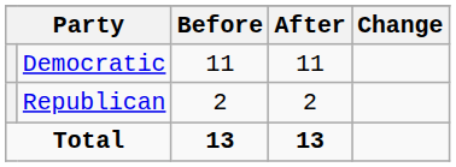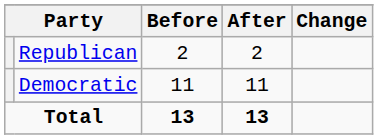 <table class="wikitable" style="text-align:center;">
 <tr>
 </tr>
 <tr>
 <th colspan=2>Party</th>
 <th>Before</th>
 <th>After</th>
 <th>Change</th>
 </tr>
 <tr>
 <th style="background-color:"></th>
-<td style="text-align:left;"><a href='#'>Democratic</a></td>
-<td>11</td>
-<td>11</td>
+<td style="text-align:left;"><a href='#'>Republican</a></td>
+<td>2</td>
+<td>2</td>
 <td></td>
 </tr>
 <tr>
 <th style="background-color:"></th>
-<td style="text-align:left;"><a href='#'>Republican</a></td>
-<td>2</td>
-<td>2</td>
+<td style="text-align:left;"><a href='#'>Democratic</a></td>
+<td>11</td>
+<td>11</td>
 <td></td>
 </tr>
 <tr>
 <td colspan=2><strong>Total</strong></td>
 <td><strong>13</strong></td>
 <td><strong>13</strong></td>
 <td></td>
 </tr>
 </table>
